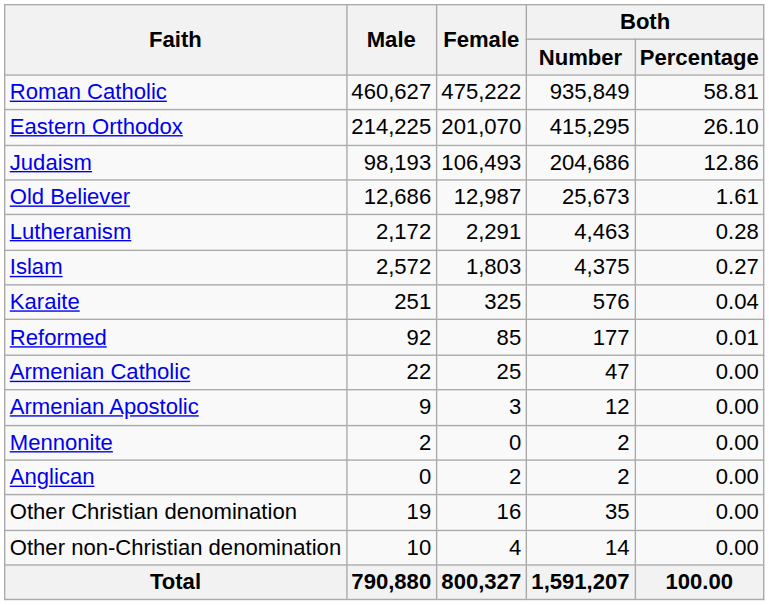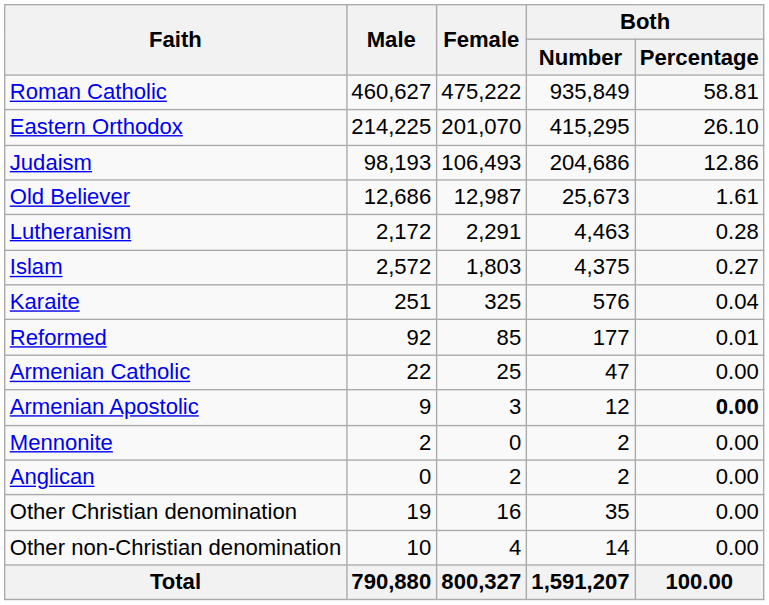 <table class="wikitable sortable">
 <tr>
 <th rowspan="2">Faith</th>
 <th rowspan="2">Male</th>
 <th rowspan="2">Female</th>
 <th colspan="2">Both</th>
 </tr>
 <tr>
 <th>Number</th>
 <th>Percentage</th>
 </tr>
 <tr>
 <td><a href='#'>Roman Catholic</a></td>
 <td align="right">460,627</td>
 <td align="right">475,222</td>
 <td align="right">935,849</td>
 <td align="right">58.81</td>
 </tr>
 <tr>
 <td><a href='#'>Eastern Orthodox</a></td>
 <td align="right">214,225</td>
 <td align="right">201,070</td>
 <td align="right">415,295</td>
 <td align="right">26.10</td>
 </tr>
 <tr>
 <td><a href='#'>Judaism</a></td>
 <td align="right">98,193</td>
 <td align="right">106,493</td>
 <td align="right">204,686</td>
 <td align="right">12.86</td>
 </tr>
 <tr>
 <td><a href='#'>Old Believer</a></td>
 <td align="right">12,686</td>
 <td align="right">12,987</td>
 <td align="right">25,673</td>
 <td align="right">1.61</td>
 </tr>
 <tr>
 <td><a href='#'>Lutheranism</a></td>
 <td align="right">2,172</td>
 <td align="right">2,291</td>
 <td align="right">4,463</td>
 <td align="right">0.28</td>
 </tr>
 <tr>
 <td><a href='#'>Islam</a></td>
 <td align="right">2,572</td>
 <td align="right">1,803</td>
 <td align="right">4,375</td>
 <td align="right">0.27</td>
 </tr>
 <tr>
 <td><a href='#'>Karaite</a></td>
 <td align="right">251</td>
 <td align="right">325</td>
 <td align="right">576</td>
 <td align="right">0.04</td>
 </tr>
 <tr>
 <td><a href='#'>Reformed</a></td>
 <td align="right">92</td>
 <td align="right">85</td>
 <td align="right">177</td>
 <td align="right">0.01</td>
 </tr>
 <tr>
 <td><a href='#'>Armenian Catholic</a></td>
 <td align="right">22</td>
 <td align="right">25</td>
 <td align="right">47</td>
 <td align="right">0.00</td>
 </tr>
 <tr>
 <td><a href='#'>Armenian Apostolic</a></td>
 <td align="right">9</td>
 <td align="right">3</td>
 <td align="right">12</td>
-<td align="right">0.00</td>
+<td align="right"><strong>0.00</strong></td>
 </tr>
 <tr>
 <td><a href='#'>Mennonite</a></td>
 <td align="right">2</td>
 <td align="right">0</td>
 <td align="right">2</td>
 <td align="right">0.00</td>
 </tr>
 <tr>
 <td><a href='#'>Anglican</a></td>
 <td align="right">0</td>
 <td align="right">2</td>
 <td align="right">2</td>
 <td align="right">0.00</td>
 </tr>
 <tr>
 <td>Other Christian denomination</td>
 <td align="right">19</td>
 <td align="right">16</td>
 <td align="right">35</td>
 <td align="right">0.00</td>
 </tr>
 <tr>
 <td>Other non-Christian denomination</td>
 <td align="right">10</td>
 <td align="right">4</td>
 <td align="right">14</td>
 <td align="right">0.00</td>
 </tr>
 <tr>
 <th>Total</th>
 <th>790,880</th>
 <th>800,327</th>
 <th>1,591,207</th>
 <th>100.00</th>
 </tr>
 </table>
